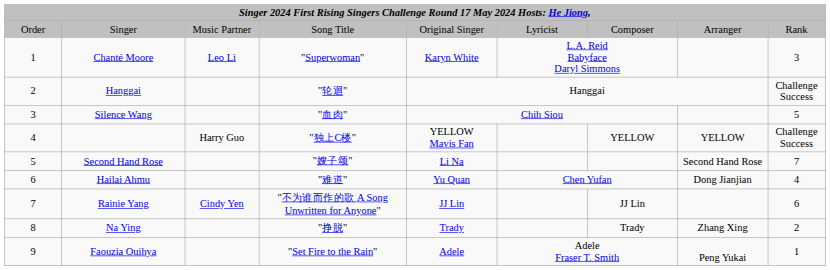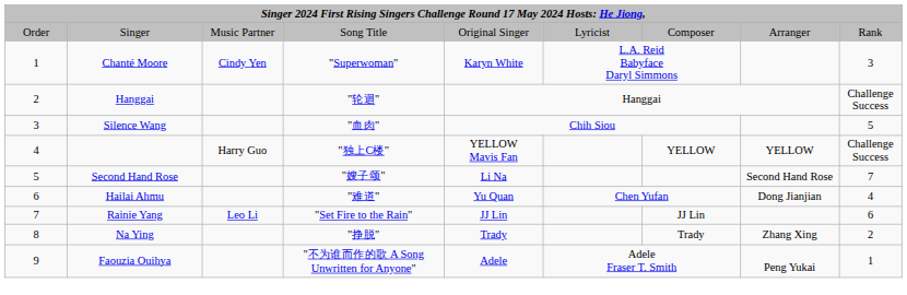 <table class="wikitable sortable mw-collapsibleiamasinger-s09" width="100%" style="text-align:center">
 <tr align=center style="background:silver">
 <td colspan="9"><div><strong><em>Singer<em> 2024 First Rising Singers Challenge Round 17 May 2024 Hosts: <a href='#'>He Jiong</a>, <strong></div></td>
 </tr>
 <tr style="background:silver">
 <td style="width:7%"></strong>Order<strong></td>
 <td style="width:15%"></strong>Singer<strong></td>
 <td style="width:9%"></strong>Music Partner<strong></td>
 <td style="width:18%"></strong>Song Title<strong></td>
 <td style="width:11%"></strong>Original Singer<strong></td>
 <td style="width:11%"></strong>Lyricist<strong></td>
 <td style="width:11%"></strong>Composer<strong></td>
 <td style="width:11%"></strong>Arranger<strong></td>
 <td style="width:7%"></strong>Rank<strong></td>
 </tr>
 <tr>
 <td>1</td>
 <td><a href='#'>Chanté Moore</a></td>
-<td><a href='#'>Leo Li</a></td>
+<td><a href='#'>Cindy Yen</a></td>
 <td>"<a href='#'>Superwoman</a>"</td>
 <td><a href='#'>Karyn White</a></td>
 <td colspan=2><a href='#'>L.A. Reid</a><br><a href='#'>Babyface</a><br><a href='#'>Daryl Simmons</a></td>
 <td></td>
 <td>3</td>
 </tr>
 <tr>
 <td>2</td>
 <td><a href='#'>Hanggai</a></td>
 <td></td>
 <td>"<a href='#'>轮迴</a>"</td>
 <td colspan=4>Hanggai</td>
 <td>Challenge Success</td>
 </tr>
 <tr>
 <td>3</td>
 <td><a href='#'>Silence Wang</a></td>
 <td></td>
 <td>"<a href='#'>血肉</a>"</td>
 <td colspan=3><a href='#'>Chih Siou</a></td>
 <td></td>
 <td>5</td>
 </tr>
 <tr>
 <td>4</td>
 <td></td>
 <td>Harry Guo</td>
 <td>"<a href='#'>独上C楼</a>"</td>
 <td>YELLOW<br><a href='#'>Mavis Fan</a></td>
 <td></td>
 <td>YELLOW</td>
 <td>YELLOW<br></td>
 <td>Challenge Success</td>
 </tr>
 <tr>
 <td>5</td>
 <td><a href='#'>Second Hand Rose</a></td>
 <td></td>
 <td>"<a href='#'>嫂子颂</a>"</td>
 <td><a href='#'>Li Na</a></td>
 <td></td>
 <td></td>
 <td>Second Hand Rose</td>
 <td>7</td>
 </tr>
 <tr>
 <td>6</td>
 <td><a href='#'>Hailai Ahmu</a></td>
 <td></td>
 <td>"<a href='#'>难道</a>"</td>
 <td><a href='#'>Yu Quan</a></td>
 <td colspan=2><a href='#'>Chen Yufan</a></td>
 <td>Dong Jianjian</td>
 <td>4</td>
 </tr>
 <tr>
 <td>7</td>
 <td><a href='#'>Rainie Yang</a></td>
-<td><a href='#'>Cindy Yen</a></td>
-<td>"<a href='#'>不为谁而作的歌 A Song Unwritten for Anyone</a>"</td>
+<td><a href='#'>Leo Li</a></td>
+<td>"<a href='#'>Set Fire to the Rain</a>"</td>
 <td><a href='#'>JJ Lin</a></td>
 <td></td>
 <td>JJ Lin</td>
 <td></td>
 <td>6</td>
 </tr>
 <tr>
 <td>8</td>
 <td><a href='#'>Na Ying</a></td>
 <td></td>
 <td>"<a href='#'>挣脱</a>"</td>
 <td><a href='#'>Trady</a></td>
 <td></td>
 <td>Trady</td>
 <td>Zhang Xing</td>
 <td>2</td>
 </tr>
 <tr>
 <td>9</td>
 <td><a href='#'>Faouzia Ouihya</a></td>
 <td></td>
-<td>"<a href='#'>Set Fire to the Rain</a>"</td>
+<td>"<a href='#'>不为谁而作的歌 A Song Unwritten for Anyone</a>"</td>
 <td><a href='#'>Adele</a></td>
 <td colspan=2>Adele<br><a href='#'>Fraser T. Smith</a></td>
 <td><br>Peng Yukai</td>
 <td>1</td>
 </tr>
 </table>
